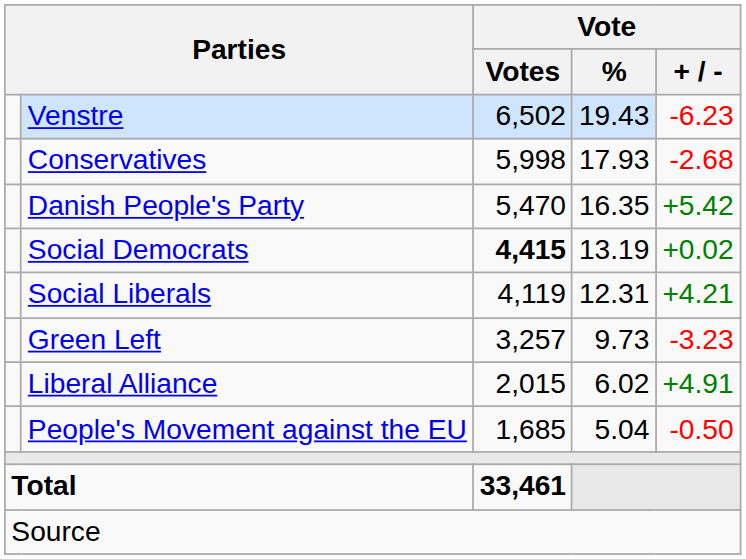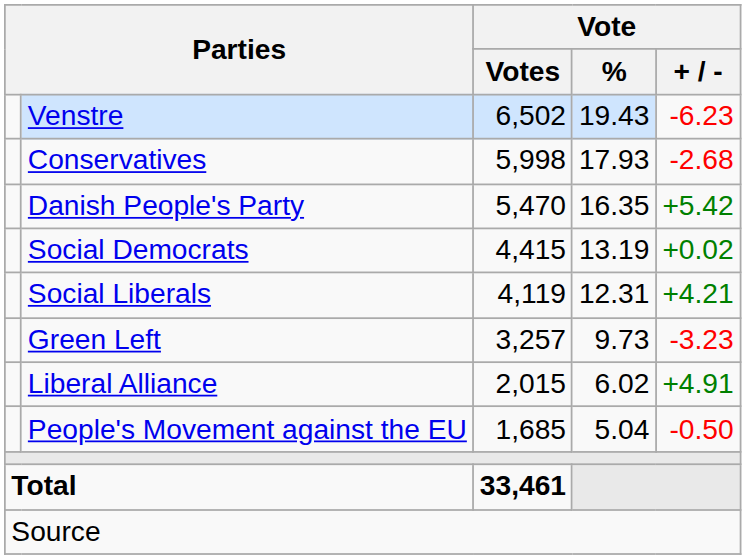 <table class="wikitable" style="text-align:right;">
 <tr>
 <th style="text-align:centre;" rowspan="2" colspan="2" width="225">Parties</th>
 <th colspan="3">Vote</th>
 </tr>
 <tr>
 <th width="15">Votes</th>
 <th width="15">%</th>
 <th width="15">+ / -</th>
 </tr>
 <tr>
 <td width="2" style="color:inherit;background:"></td>
 <td bgcolor=#cfe5fe   align="left"><a href='#'>Venstre</a></td>
 <td bgcolor=#cfe5fe>6,502</td>
 <td bgcolor=#cfe5fe>19.43</td>
 <td style=color:red;>-6.23</td>
 </tr>
 <tr>
 <td width="2" style="color:inherit;background:"></td>
 <td align="left"><a href='#'>Conservatives</a></td>
 <td>5,998</td>
 <td>17.93</td>
 <td style=color:red;>-2.68</td>
 </tr>
 <tr>
 <td width="2" style="color:inherit;background:"></td>
 <td align="left"><a href='#'>Danish People's Party</a></td>
 <td>5,470</td>
 <td>16.35</td>
 <td style=color:green;>+5.42</td>
 </tr>
 <tr>
 <td width="2" style="color:inherit;background:"></td>
 <td align="left"><a href='#'>Social Democrats</a></td>
-<td><strong>4,415</strong></td>
+<td>4,415</td>
 <td>13.19</td>
 <td style=color:green;>+0.02</td>
 </tr>
 <tr>
 <td width="2" style="color:inherit;background:"></td>
 <td align="left"><a href='#'>Social Liberals</a></td>
 <td>4,119</td>
 <td>12.31</td>
 <td style=color:green;>+4.21</td>
 </tr>
 <tr>
 <td width="2" style="color:inherit;background:"></td>
 <td align="left"><a href='#'>Green Left</a></td>
 <td>3,257</td>
 <td>9.73</td>
 <td style=color:red;>-3.23</td>
 </tr>
 <tr>
 <td width="2" style="color:inherit;background:"></td>
 <td align="left"><a href='#'>Liberal Alliance</a></td>
 <td>2,015</td>
 <td>6.02</td>
 <td style=color:green;>+4.91</td>
 </tr>
 <tr>
 <td width="2" style="color:inherit;background:"></td>
 <td align="left"><a href='#'>People's Movement against the EU</a></td>
 <td>1,685</td>
 <td>5.04</td>
 <td style=color:red;>-0.50</td>
 </tr>
 <tr>
 <td colspan="7" bgcolor="#E9E9E9"></td>
 </tr>
 <tr>
 <td align="left" colspan="2"><strong>Total</strong></td>
 <td><strong>33,461</strong></td>
 <td bgcolor="#E9E9E9" colspan="2"></td>
 </tr>
 <tr>
 <td align="left" colspan="6">Source</td>
 </tr>
 </table>
